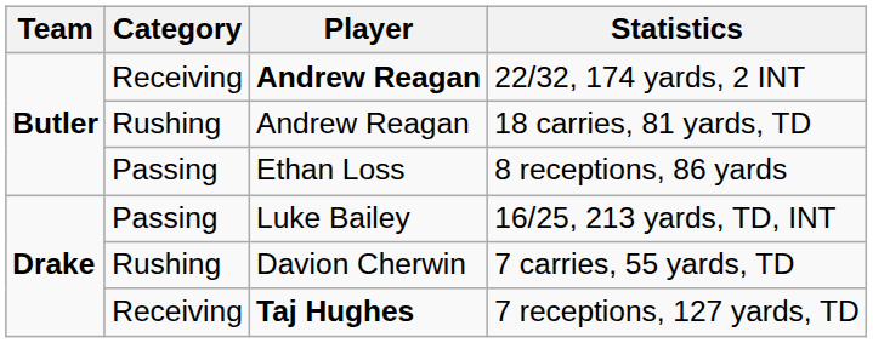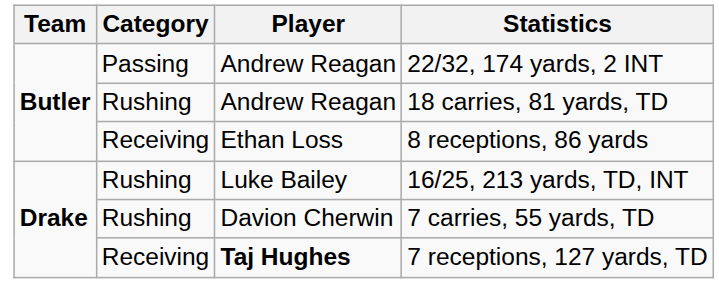 <table class="wikitable" style="float: right;">
 <tr>
 <th>Team</th>
 <th>Category</th>
 <th>Player</th>
 <th>Statistics</th>
 </tr>
 <tr>
 <td rowspan=3><strong>Butler</strong></td>
-<td>Receiving</td>
-<td><strong>Andrew Reagan</strong></td>
+<td>Passing</td>
+<td>Andrew Reagan</td>
 <td>22/32, 174 yards, 2 INT</td>
 </tr>
 <tr>
 <td>Rushing</td>
 <td>Andrew Reagan</td>
 <td>18 carries, 81 yards, TD</td>
 </tr>
 <tr>
-<td>Passing</td>
+<td>Receiving</td>
 <td>Ethan Loss</td>
 <td>8 receptions, 86 yards</td>
 </tr>
 <tr>
 <td rowspan=3><strong>Drake</strong></td>
-<td>Passing</td>
+<td>Rushing</td>
 <td>Luke Bailey</td>
 <td>16/25, 213 yards, TD, INT</td>
 </tr>
 <tr>
 <td>Rushing</td>
 <td>Davion Cherwin</td>
 <td>7 carries, 55 yards, TD</td>
 </tr>
 <tr>
 <td>Receiving</td>
 <td><strong>Taj Hughes</strong></td>
 <td>7 receptions, 127 yards, TD</td>
 </tr>
 </table>
